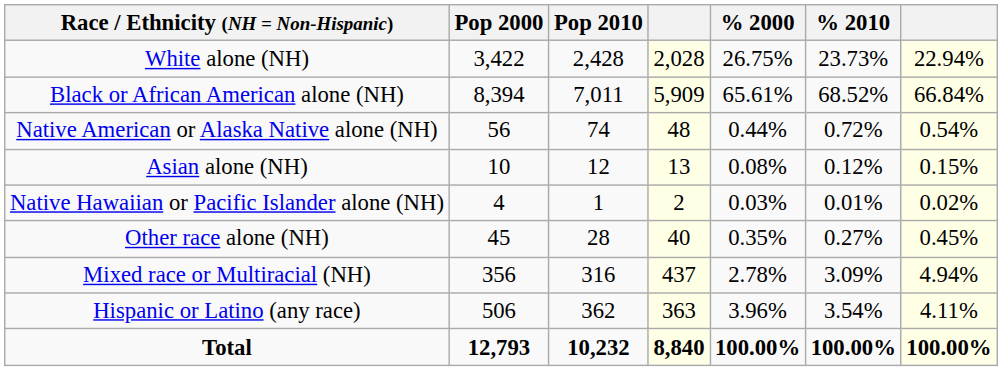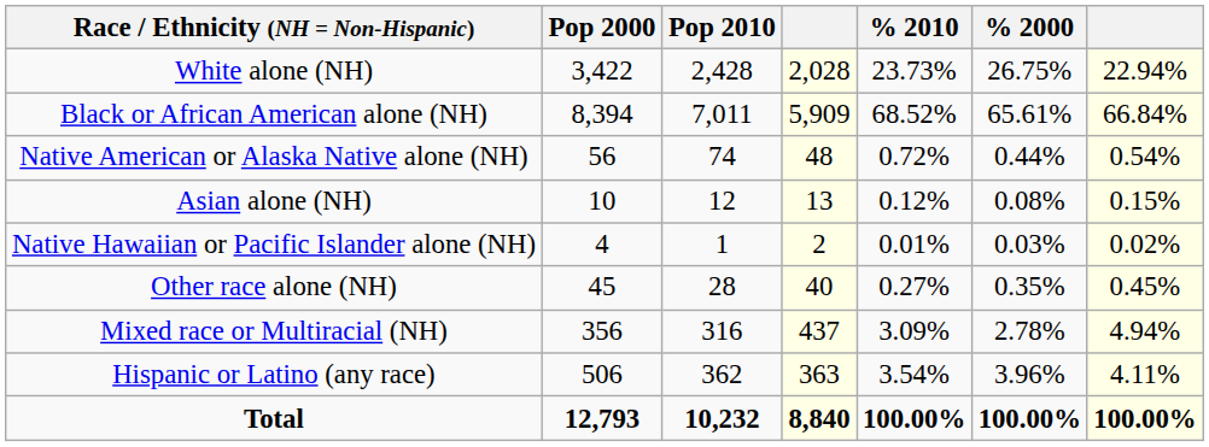 <table class="wikitable" style="text-align:center;">
 <tr>
 <th>Race / Ethnicity <small>(<em>NH = Non-Hispanic</em>)</small></th>
 <th>Pop 2000</th>
 <th>Pop 2010</th>
 <th></th>
+<th>% 2010</th>
 <th>% 2000</th>
-<th>% 2010</th>
 <th></th>
 </tr>
 <tr>
 <td><a href='#'>White</a> alone (NH)</td>
 <td>3,422</td>
 <td>2,428</td>
 <td style='background: #ffffe6;'>2,028</td>
+<td>23.73%</td>
 <td>26.75%</td>
-<td>23.73%</td>
 <td style='background: #ffffe6;'>22.94%</td>
 </tr>
 <tr>
 <td><a href='#'>Black or African American</a> alone (NH)</td>
 <td>8,394</td>
 <td>7,011</td>
 <td style='background: #ffffe6;'>5,909</td>
+<td>68.52%</td>
 <td>65.61%</td>
-<td>68.52%</td>
 <td style='background: #ffffe6;'>66.84%</td>
 </tr>
 <tr>
 <td><a href='#'>Native American</a> or <a href='#'>Alaska Native</a> alone (NH)</td>
 <td>56</td>
 <td>74</td>
 <td style='background: #ffffe6;'>48</td>
+<td>0.72%</td>
 <td>0.44%</td>
-<td>0.72%</td>
 <td style='background: #ffffe6;'>0.54%</td>
 </tr>
 <tr>
 <td><a href='#'>Asian</a> alone (NH)</td>
 <td>10</td>
 <td>12</td>
 <td style='background: #ffffe6;'>13</td>
+<td>0.12%</td>
 <td>0.08%</td>
-<td>0.12%</td>
 <td style='background: #ffffe6;'>0.15%</td>
 </tr>
 <tr>
 <td><a href='#'>Native Hawaiian</a> or <a href='#'>Pacific Islander</a> alone (NH)</td>
 <td>4</td>
 <td>1</td>
 <td style='background: #ffffe6;'>2</td>
+<td>0.01%</td>
 <td>0.03%</td>
-<td>0.01%</td>
 <td style='background: #ffffe6;'>0.02%</td>
 </tr>
 <tr>
 <td><a href='#'>Other race</a> alone (NH)</td>
 <td>45</td>
 <td>28</td>
 <td style='background: #ffffe6;'>40</td>
+<td>0.27%</td>
 <td>0.35%</td>
-<td>0.27%</td>
 <td style='background: #ffffe6;'>0.45%</td>
 </tr>
 <tr>
 <td><a href='#'>Mixed race or Multiracial</a> (NH)</td>
 <td>356</td>
 <td>316</td>
 <td style='background: #ffffe6;'>437</td>
+<td>3.09%</td>
 <td>2.78%</td>
-<td>3.09%</td>
 <td style='background: #ffffe6;'>4.94%</td>
 </tr>
 <tr>
 <td><a href='#'>Hispanic or Latino</a> (any race)</td>
 <td>506</td>
 <td>362</td>
 <td style='background: #ffffe6;'>363</td>
+<td>3.54%</td>
 <td>3.96%</td>
-<td>3.54%</td>
 <td style='background: #ffffe6;'>4.11%</td>
 </tr>
 <tr>
 <td><strong>Total</strong></td>
 <td><strong>12,793</strong></td>
 <td><strong>10,232</strong></td>
 <td style='background: #ffffe6;'><strong>8,840</strong></td>
 <td><strong>100.00%</strong></td>
 <td><strong>100.00%</strong></td>
 <td style='background: #ffffe6;'><strong>100.00%</strong></td>
 </tr>
 </table>
